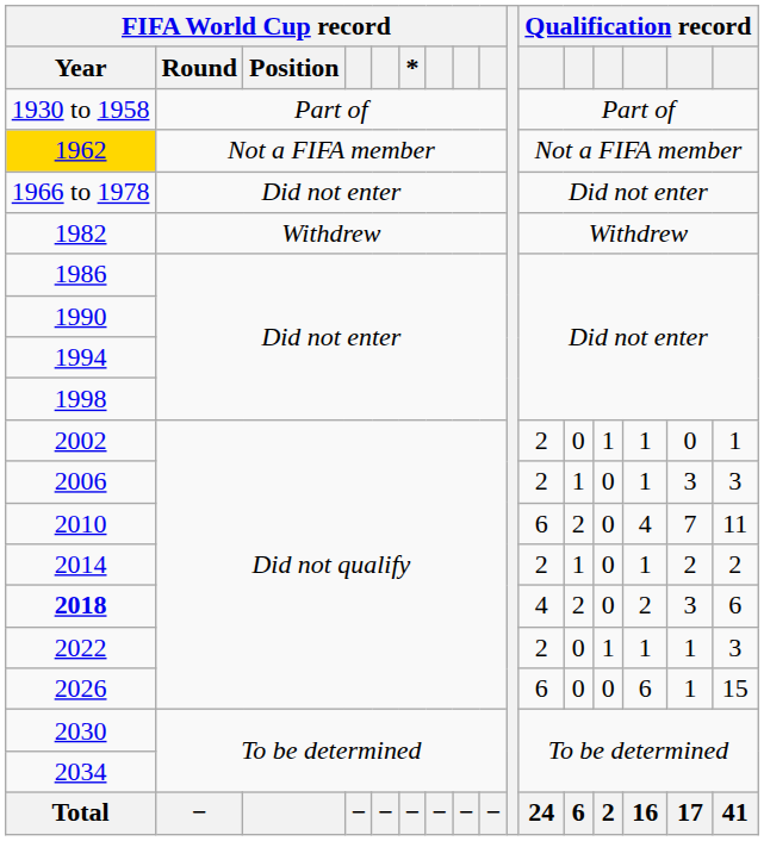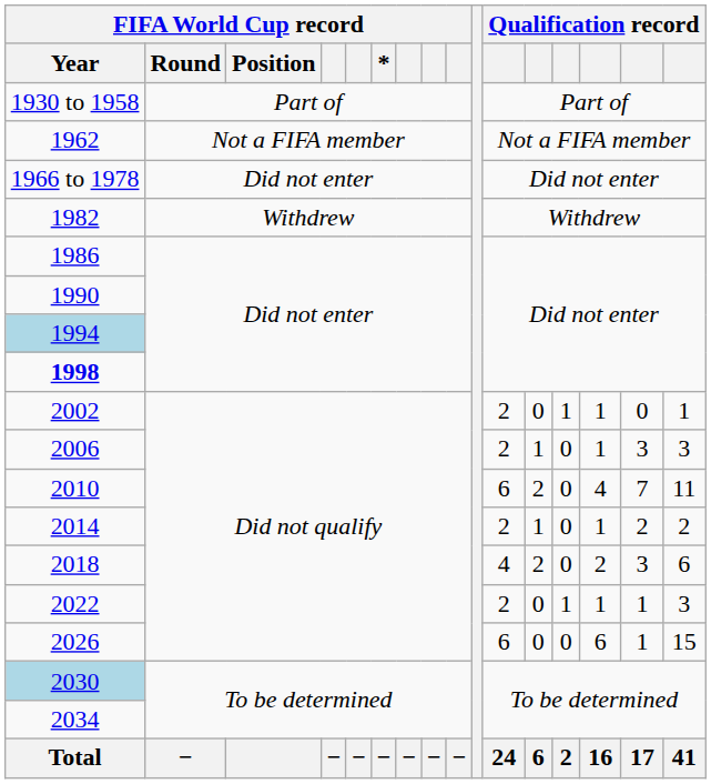 <table class="wikitable" style="text-align: center;">
 <tr>
 <th colspan=9><a href='#'>FIFA World Cup</a> record</th>
 <th rowspan=39></th>
 <th colspan=6><a href='#'>Qualification</a> record</th>
 </tr>
 <tr>
 <th>Year</th>
 <th>Round</th>
 <th>Position</th>
 <th></th>
 <th></th>
 <th>*</th>
 <th></th>
 <th></th>
 <th></th>
 <th></th>
 <th></th>
 <th></th>
 <th></th>
 <th></th>
 <th></th>
 </tr>
 <tr>
 <td><a href='#'>1930</a> to <a href='#'>1958</a></td>
 <td colspan=8><em>Part of </em></td>
 <td colspan=6><em>Part of </em></td>
 </tr>
 <tr>
-<td style="background: gold;"> <a href='#'>1962</a></td>
+<td> <a href='#'>1962</a></td>
 <td colspan=8><em>Not a FIFA member</em></td>
 <td colspan=6><em>Not a FIFA member</em></td>
 </tr>
 <tr>
 <td><a href='#'>1966</a> to <a href='#'>1978</a></td>
 <td colspan=8><em>Did not enter</em></td>
 <td colspan=6><em>Did not enter</em></td>
 </tr>
 <tr>
 <td> <a href='#'>1982</a></td>
 <td colspan=8><em>Withdrew</em></td>
 <td colspan=6><em>Withdrew</em></td>
 </tr>
 <tr>
 <td> <a href='#'>1986</a></td>
 <td colspan=8 rowspan=4><em>Did not enter</em></td>
 <td colspan=6 rowspan=4><em>Did not enter</em></td>
 </tr>
 <tr>
 <td> <a href='#'>1990</a></td>
 </tr>
 <tr>
-<td> <a href='#'>1994</a></td>
+<td style="background: lightblue;"> <a href='#'>1994</a></td>
 </tr>
 <tr>
-<td> <a href='#'>1998</a></td>
+<td><strong> <a href='#'>1998</a></strong></td>
 </tr>
 <tr>
 <td>  <a href='#'>2002</a></td>
 <td colspan=8 rowspan=7><em>Did not qualify</em></td>
 <td>2</td>
 <td>0</td>
 <td>1</td>
 <td>1</td>
 <td>0</td>
 <td>1</td>
 </tr>
 <tr>
 <td> <a href='#'>2006</a></td>
 <td>2</td>
 <td>1</td>
 <td>0</td>
 <td>1</td>
 <td>3</td>
 <td>3</td>
 </tr>
 <tr>
 <td> <a href='#'>2010</a></td>
 <td>6</td>
 <td>2</td>
 <td>0</td>
 <td>4</td>
 <td>7</td>
 <td>11</td>
 </tr>
 <tr>
 <td> <a href='#'>2014</a></td>
 <td>2</td>
 <td>1</td>
 <td>0</td>
 <td>1</td>
 <td>2</td>
 <td>2</td>
 </tr>
 <tr>
-<td><strong> <a href='#'>2018</a></strong></td>
+<td> <a href='#'>2018</a></td>
 <td>4</td>
 <td>2</td>
 <td>0</td>
 <td>2</td>
 <td>3</td>
 <td>6</td>
 </tr>
 <tr>
 <td> <a href='#'>2022</a></td>
 <td>2</td>
 <td>0</td>
 <td>1</td>
 <td>1</td>
 <td>1</td>
 <td>3</td>
 </tr>
 <tr>
 <td>   <a href='#'>2026</a></td>
 <td>6</td>
 <td>0</td>
 <td>0</td>
 <td>6</td>
 <td>1</td>
 <td>15</td>
 </tr>
 <tr>
-<td>   <a href='#'>2030</a></td>
+<td style="background: lightblue;">   <a href='#'>2030</a></td>
 <td colspan=8 rowspan=2><em>To be determined</em></td>
 <td colspan=6 rowspan=2><em>To be determined</em></td>
 </tr>
 <tr>
 <td> <a href='#'>2034</a></td>
 </tr>
 <tr>
 <th>Total</th>
 <th>−</th>
 <th></th>
 <th>−</th>
 <th>−</th>
 <th>−</th>
 <th>−</th>
 <th>−</th>
 <th>−</th>
 <th>24</th>
 <th>6</th>
 <th>2</th>
 <th>16</th>
 <th>17</th>
 <th>41</th>
 </tr>
 </table>
